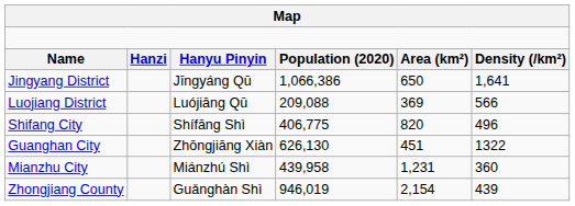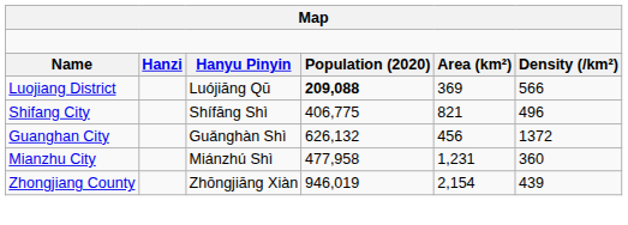 <table class="wikitable"  style="font-size:90%;" align=center>
 <tr>
 <th colspan="6" align="center">Map</th>
 </tr>
 <tr>
 <td colspan="6" align="center"><div><br>         </div></td>
 </tr>
 <tr>
 <th>Name</th>
 <th><a href='#'>Hanzi</a></th>
 <th><a href='#'>Hanyu Pinyin</a></th>
 <th>Population (2020)</th>
 <th>Area (km²)</th>
 <th>Density (/km²)</th>
 </tr>
 <tr --------->
-<td><a href='#'>Jingyang District</a></td>
-<td></td>
-<td>Jīngyáng Qū</td>
-<td>1,066,386</td>
-<td>650</td>
-<td>1,641</td>
-</tr>
-<tr --------->
 <td><a href='#'>Luojiang District</a></td>
 <td></td>
 <td>Luójiāng Qū</td>
-<td>209,088</td>
+<td><strong>209,088</strong></td>
 <td>369</td>
 <td>566</td>
 </tr>
 <tr --------->
 <td><a href='#'>Shifang City</a></td>
 <td></td>
 <td>Shífāng Shì</td>
 <td>406,775</td>
-<td>820</td>
+<td>821</td>
 <td>496</td>
 </tr>
 <tr --------->
 <td><a href='#'>Guanghan City</a></td>
 <td></td>
-<td>Zhōngjiāng Xiàn</td>
-<td>626,130</td>
-<td>451</td>
-<td>1322</td>
+<td>Guǎnghàn Shì</td>
+<td>626,132</td>
+<td>456</td>
+<td>1372</td>
 </tr>
 <tr --------->
 <td><a href='#'>Mianzhu City</a></td>
 <td></td>
 <td>Miánzhú Shì</td>
-<td>439,958</td>
+<td>477,958</td>
 <td>1,231</td>
 <td>360</td>
 </tr>
 <tr --------->
 <td><a href='#'>Zhongjiang County</a></td>
 <td></td>
-<td>Guǎnghàn Shì</td>
+<td>Zhōngjiāng Xiàn</td>
 <td>946,019</td>
 <td>2,154</td>
 <td>439</td>
 </tr>
 </table>
